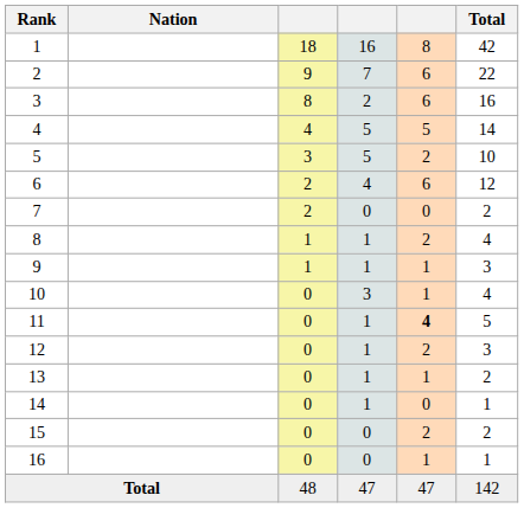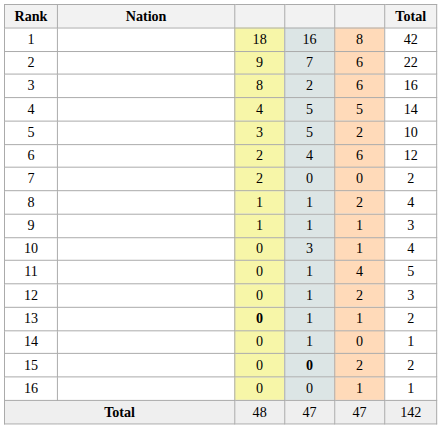 <table class=wikitable width=35% cellspacing="1" cellpadding="3" style="border:1px solid #AAAAAA;font-size:90%">
 <tr bgcolor="#EFEFEF">
 <th width=50>Rank</th>
 <th width=200>Nation</th>
 <th width=50></th>
 <th width=50></th>
 <th width=50></th>
 <th width=50>Total</th>
 </tr>
 <tr align="center" valign="top" bgcolor="#FFFFFF">
 <td rowspan="1" valign="center">1</td>
 <td align="left"></td>
 <td style="background:#F7F6A8;">18</td>
 <td style="background:#DCE5E5;">16</td>
 <td style="background:#FFDAB9;">8</td>
 <td>42</td>
 </tr>
 <tr align="center" valign="top" bgcolor="#FFFFFF">
 <td rowspan="1" valign="center">2</td>
 <td align="left"></td>
 <td style="background:#F7F6A8;">9</td>
 <td style="background:#DCE5E5;">7</td>
 <td style="background:#FFDAB9;">6</td>
 <td>22</td>
 </tr>
 <tr align="center" valign="top" bgcolor="#FFFFFF">
 <td rowspan="1" valign="center">3</td>
 <td align="left"></td>
 <td style="background:#F7F6A8;">8</td>
 <td style="background:#DCE5E5;">2</td>
 <td style="background:#FFDAB9;">6</td>
 <td>16</td>
 </tr>
 <tr align="center" valign="top" bgcolor="#FFFFFF">
 <td rowspan="1" valign="center">4</td>
 <td align="left"></td>
 <td style="background:#F7F6A8;">4</td>
 <td style="background:#DCE5E5;">5</td>
 <td style="background:#FFDAB9;">5</td>
 <td>14</td>
 </tr>
 <tr align="center" valign="top" bgcolor="#FFFFFF">
 <td rowspan="1" valign="center">5</td>
 <td align="left"></td>
 <td style="background:#F7F6A8;">3</td>
 <td style="background:#DCE5E5;">5</td>
 <td style="background:#FFDAB9;">2</td>
 <td>10</td>
 </tr>
 <tr align="center" valign="top" bgcolor="#FFFFFF">
 <td rowspan="1" valign="center">6</td>
 <td align="left"></td>
 <td style="background:#F7F6A8;">2</td>
 <td style="background:#DCE5E5;">4</td>
 <td style="background:#FFDAB9;">6</td>
 <td>12</td>
 </tr>
 <tr align="center" valign="top" bgcolor="#FFFFFF">
 <td rowspan="1" valign="center">7</td>
 <td align="left"></td>
 <td style="background:#F7F6A8;">2</td>
 <td style="background:#DCE5E5;">0</td>
 <td style="background:#FFDAB9;">0</td>
 <td>2</td>
 </tr>
 <tr align="center" valign="top" bgcolor="#FFFFFF">
 <td rowspan="1" valign="center">8</td>
 <td align="left"></td>
 <td style="background:#F7F6A8;">1</td>
 <td style="background:#DCE5E5;">1</td>
 <td style="background:#FFDAB9;">2</td>
 <td>4</td>
 </tr>
 <tr align="center" valign="top" bgcolor="#FFFFFF">
 <td rowspan="1" valign="center">9</td>
 <td align="left"></td>
 <td style="background:#F7F6A8;">1</td>
 <td style="background:#DCE5E5;">1</td>
 <td style="background:#FFDAB9;">1</td>
 <td>3</td>
 </tr>
 <tr align="center" valign="top" bgcolor="#FFFFFF">
 <td rowspan="1" valign="center">10</td>
 <td align="left"></td>
 <td style="background:#F7F6A8;">0</td>
 <td style="background:#DCE5E5;">3</td>
 <td style="background:#FFDAB9;">1</td>
 <td>4</td>
 </tr>
 <tr align="center" valign="top" bgcolor="#FFFFFF">
 <td rowspan="1" valign="center">11</td>
 <td align="left"></td>
 <td style="background:#F7F6A8;">0</td>
 <td style="background:#DCE5E5;">1</td>
-<td style="background:#FFDAB9;"><strong>4</strong></td>
+<td style="background:#FFDAB9;">4</td>
 <td>5</td>
 </tr>
 <tr align="center" valign="top" bgcolor="#FFFFFF">
 <td rowspan="1" valign="center">12</td>
 <td align="left"></td>
 <td style="background:#F7F6A8;">0</td>
 <td style="background:#DCE5E5;">1</td>
 <td style="background:#FFDAB9;">2</td>
 <td>3</td>
 </tr>
 <tr align="center" valign="top" bgcolor="#FFFFFF">
 <td rowspan="1" valign="center">13</td>
 <td align="left"></td>
-<td style="background:#F7F6A8;">0</td>
+<td style="background:#F7F6A8;"><strong>0</strong></td>
 <td style="background:#DCE5E5;">1</td>
 <td style="background:#FFDAB9;">1</td>
 <td>2</td>
 </tr>
 <tr align="center" valign="top" bgcolor="#FFFFFF">
 <td rowspan="1" valign="center">14</td>
 <td align="left"></td>
 <td style="background:#F7F6A8;">0</td>
 <td style="background:#DCE5E5;">1</td>
 <td style="background:#FFDAB9;">0</td>
 <td>1</td>
 </tr>
 <tr align="center" valign="top" bgcolor="#FFFFFF">
 <td rowspan="1" valign="center">15</td>
 <td align="left"></td>
 <td style="background:#F7F6A8;">0</td>
-<td style="background:#DCE5E5;">0</td>
+<td style="background:#DCE5E5;"><strong>0</strong></td>
 <td style="background:#FFDAB9;">2</td>
 <td>2</td>
 </tr>
 <tr align="center" valign="top" bgcolor="#FFFFFF">
 <td rowspan="1" valign="center">16</td>
 <td align="left"></td>
 <td style="background:#F7F6A8;">0</td>
 <td style="background:#DCE5E5;">0</td>
 <td style="background:#FFDAB9;">1</td>
 <td>1</td>
 </tr>
 <tr align="center" valign="top" bgcolor="#EFEFEF">
 <td colspan="2" rowspan="1" valign="center"><strong>Total</strong></td>
 <td>48</td>
 <td>47</td>
 <td>47</td>
 <td>142</td>
 </tr>
 </table>
